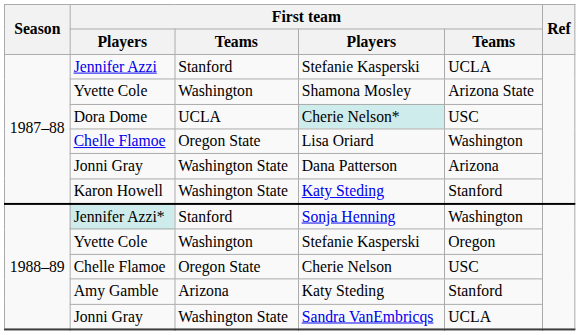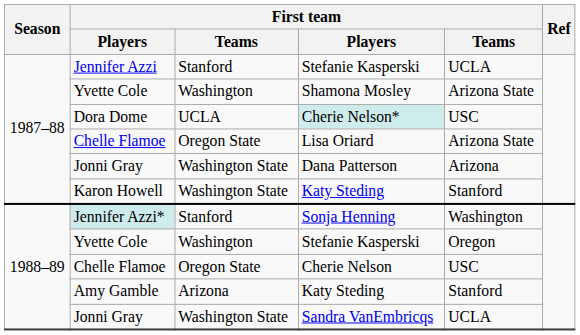 <table class="wikitable" style="width:66%">
 <tr>
 <th rowspan=2>Season</th>
 <th colspan=4>First team</th>
 <th rowspan=2>Ref</th>
 </tr>
 <tr>
 <th>Players</th>
 <th>Teams</th>
 <th>Players</th>
 <th>Teams</th>
 </tr>
 <tr>
 <td rowspan="6" style="text-align:center;">1987–88</td>
 <td><a href='#'>Jennifer Azzi</a></td>
 <td>Stanford</td>
 <td>Stefanie Kasperski</td>
 <td>UCLA</td>
 <td rowspan="6" style="text-align:center;"></td>
 </tr>
 <tr>
 <td>Yvette Cole</td>
 <td>Washington</td>
 <td>Shamona Mosley</td>
 <td>Arizona State</td>
 </tr>
 <tr>
 <td>Dora Dome</td>
 <td>UCLA</td>
 <td style="background:#CFECEC;">Cherie Nelson*</td>
 <td>USC</td>
 </tr>
 <tr>
 <td><a href='#'>Chelle Flamoe</a></td>
 <td>Oregon State</td>
 <td>Lisa Oriard</td>
-<td>Washington</td>
+<td>Arizona State</td>
 </tr>
 <tr>
 <td>Jonni Gray</td>
 <td>Washington State</td>
 <td>Dana Patterson</td>
 <td>Arizona</td>
 </tr>
 <tr>
 <td>Karon Howell</td>
 <td>Washington State</td>
 <td><a href='#'>Katy Steding</a></td>
 <td>Stanford</td>
 </tr>
 <tr style="border-top:2px solid black">
 <td rowspan="5" style="text-align:center;">1988–89</td>
 <td style="background:#CFECEC;">Jennifer Azzi*</td>
 <td>Stanford</td>
 <td><a href='#'>Sonja Henning</a></td>
 <td>Washington</td>
 <td rowspan="5" style="text-align:center;"></td>
 </tr>
 <tr>
 <td>Yvette Cole</td>
 <td>Washington</td>
 <td>Stefanie Kasperski</td>
 <td>Oregon</td>
 </tr>
 <tr>
 <td>Chelle Flamoe</td>
 <td>Oregon State</td>
 <td>Cherie Nelson</td>
 <td>USC</td>
 </tr>
 <tr>
 <td>Amy Gamble</td>
 <td>Arizona</td>
 <td>Katy Steding</td>
 <td>Stanford</td>
 </tr>
 <tr>
 <td>Jonni Gray</td>
 <td>Washington State</td>
 <td><a href='#'>Sandra VanEmbricqs</a></td>
 <td>UCLA</td>
 </tr>
 <tr style="border-top:2px solid black">
 </tr>
 </table>
